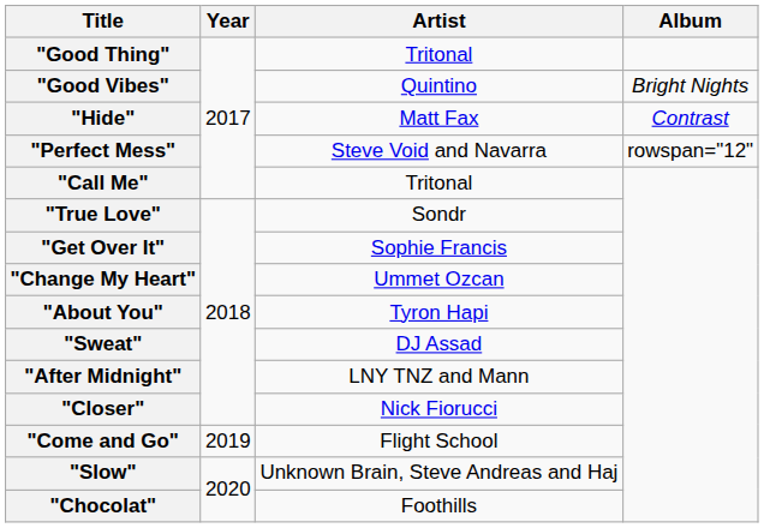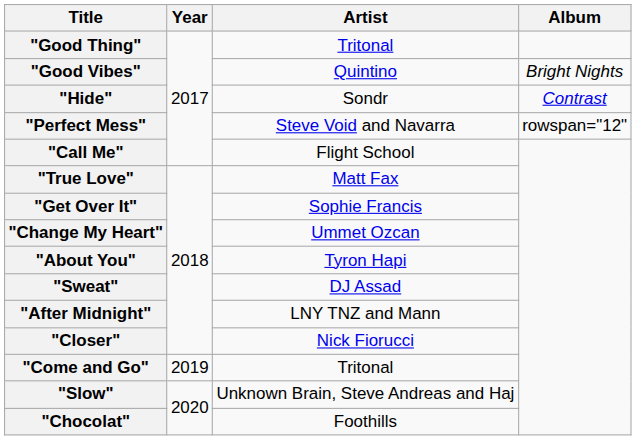 <table class="wikitable plainrowheaders" style="text-align:center;">
 <tr>
 <th scope="col">Title</th>
 <th scope="col">Year</th>
 <th scope="col">Artist</th>
 <th scope="col">Album</th>
 </tr>
 <tr>
 <th scope="row">"Good Thing"</th>
 <td rowspan="5">2017</td>
 <td><a href='#'>Tritonal</a></td>
 <td></td>
 </tr>
 <tr>
 <th scope="row">"Good Vibes"</th>
 <td><a href='#'>Quintino</a></td>
 <td><em>Bright Nights</em></td>
 </tr>
 <tr>
 <th scope="row">"Hide"</th>
-<td><a href='#'>Matt Fax</a></td>
+<td>Sondr</td>
 <td><em><a href='#'>Contrast</a></em></td>
 </tr>
 <tr>
 <th scope="row">"Perfect Mess"</th>
 <td><a href='#'>Steve Void</a> and Navarra</td>
 <td>rowspan="12" </td>
 </tr>
 <tr>
 <th scope="row">"Call Me"</th>
-<td>Tritonal</td>
+<td>Flight School</td>
 </tr>
 <tr>
 <th scope="row">"True Love"</th>
 <td rowspan="7">2018</td>
-<td>Sondr</td>
+<td><a href='#'>Matt Fax</a></td>
 </tr>
 <tr>
 <th scope="row">"Get Over It"</th>
 <td><a href='#'>Sophie Francis</a></td>
 </tr>
 <tr>
 <th scope="row">"Change My Heart"</th>
 <td><a href='#'>Ummet Ozcan</a></td>
 </tr>
 <tr>
 <th scope="row">"About You"</th>
 <td><a href='#'>Tyron Hapi</a></td>
 </tr>
 <tr>
 <th scope="row">"Sweat"</th>
 <td><a href='#'>DJ Assad</a></td>
 </tr>
 <tr>
 <th scope="row">"After Midnight"</th>
 <td>LNY TNZ and Mann</td>
 </tr>
 <tr>
 <th scope="row">"Closer"</th>
 <td><a href='#'>Nick Fiorucci</a></td>
 </tr>
 <tr>
 <th scope="row">"Come and Go"</th>
 <td>2019</td>
-<td>Flight School</td>
+<td>Tritonal</td>
 </tr>
 <tr>
 <th scope="row">"Slow"</th>
 <td rowspan="2">2020</td>
 <td>Unknown Brain, Steve Andreas and Haj</td>
 </tr>
 <tr>
 <th scope="row">"Chocolat"</th>
 <td>Foothills</td>
 </tr>
 </table>
